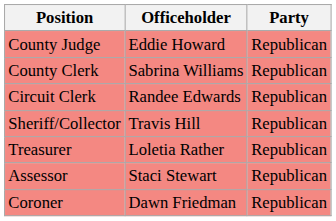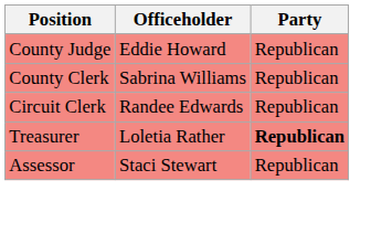 <table class="wikitable">
 <tr>
 <th>Position</th>
 <th>Officeholder</th>
 <th>Party</th>
 </tr>
 <tr style="background-color:#F48882;">
 <td>County Judge</td>
 <td>Eddie Howard</td>
 <td>Republican</td>
 </tr>
 <tr style="background-color:#F48882;">
 <td>County Clerk</td>
 <td>Sabrina Williams</td>
 <td>Republican</td>
 </tr>
 <tr style="background-color:#F48882;">
 <td>Circuit Clerk</td>
 <td>Randee Edwards</td>
 <td>Republican</td>
 </tr>
 <tr style="background-color:#F48882;">
-<td>Sheriff/Collector</td>
-<td>Travis Hill</td>
-<td>Republican</td>
-</tr>
-<tr style="background-color:#F48882;">
 <td>Treasurer</td>
 <td>Loletia Rather</td>
-<td>Republican</td>
+<td><strong>Republican</strong></td>
 </tr>
 <tr style="background-color:#F48882;">
 <td>Assessor</td>
 <td>Staci Stewart</td>
 <td>Republican</td>
 </tr>
-<tr style="background-color:#F48882;">
-<td>Coroner</td>
-<td>Dawn Friedman</td>
-<td>Republican</td>
-</tr>
 </table>
